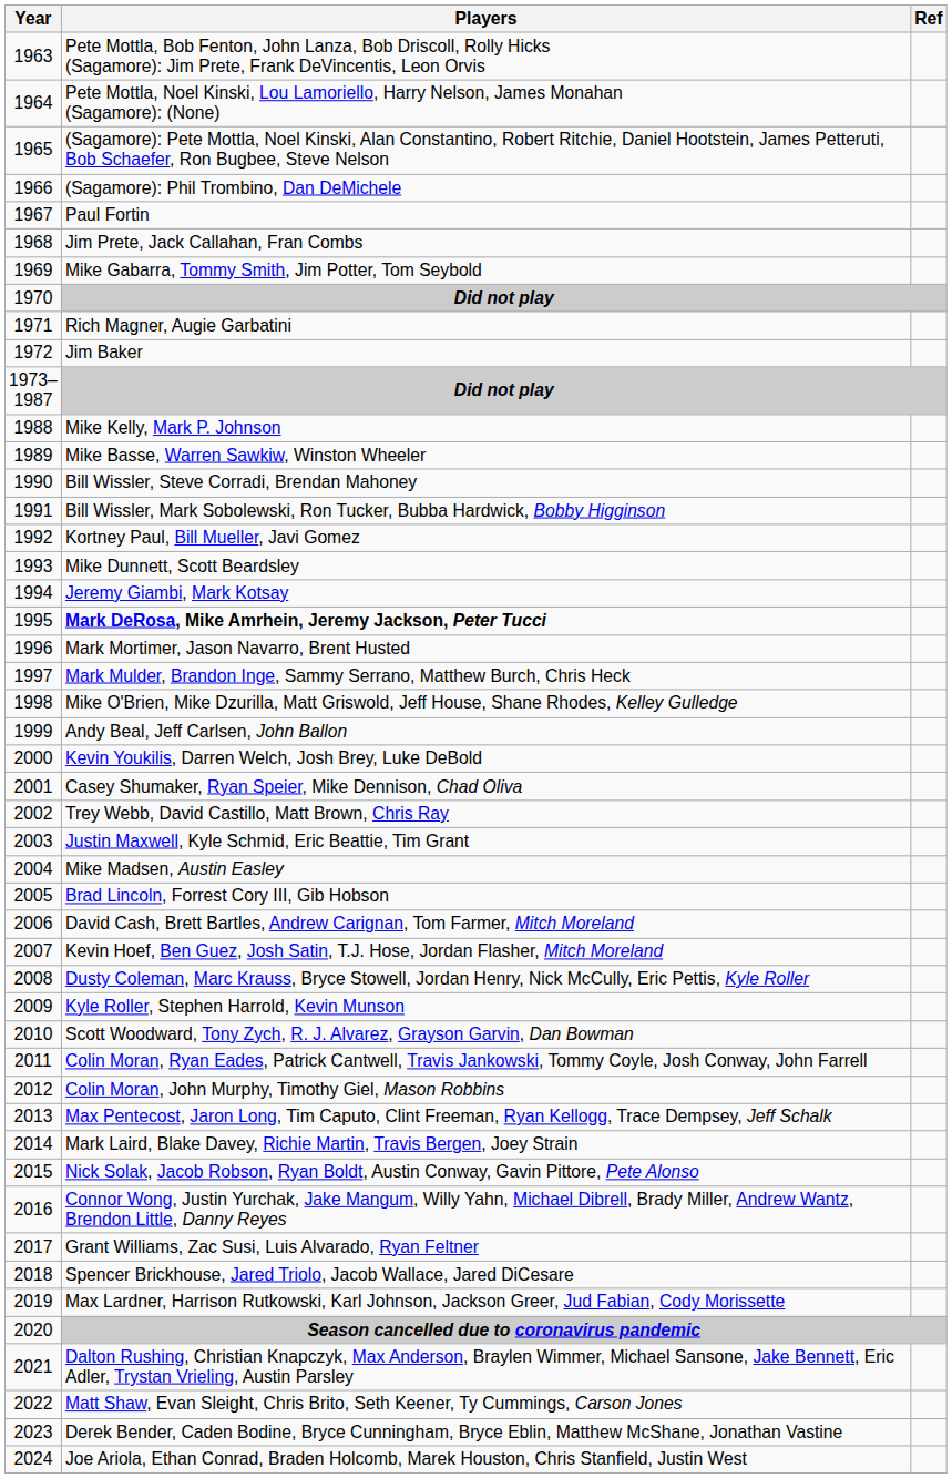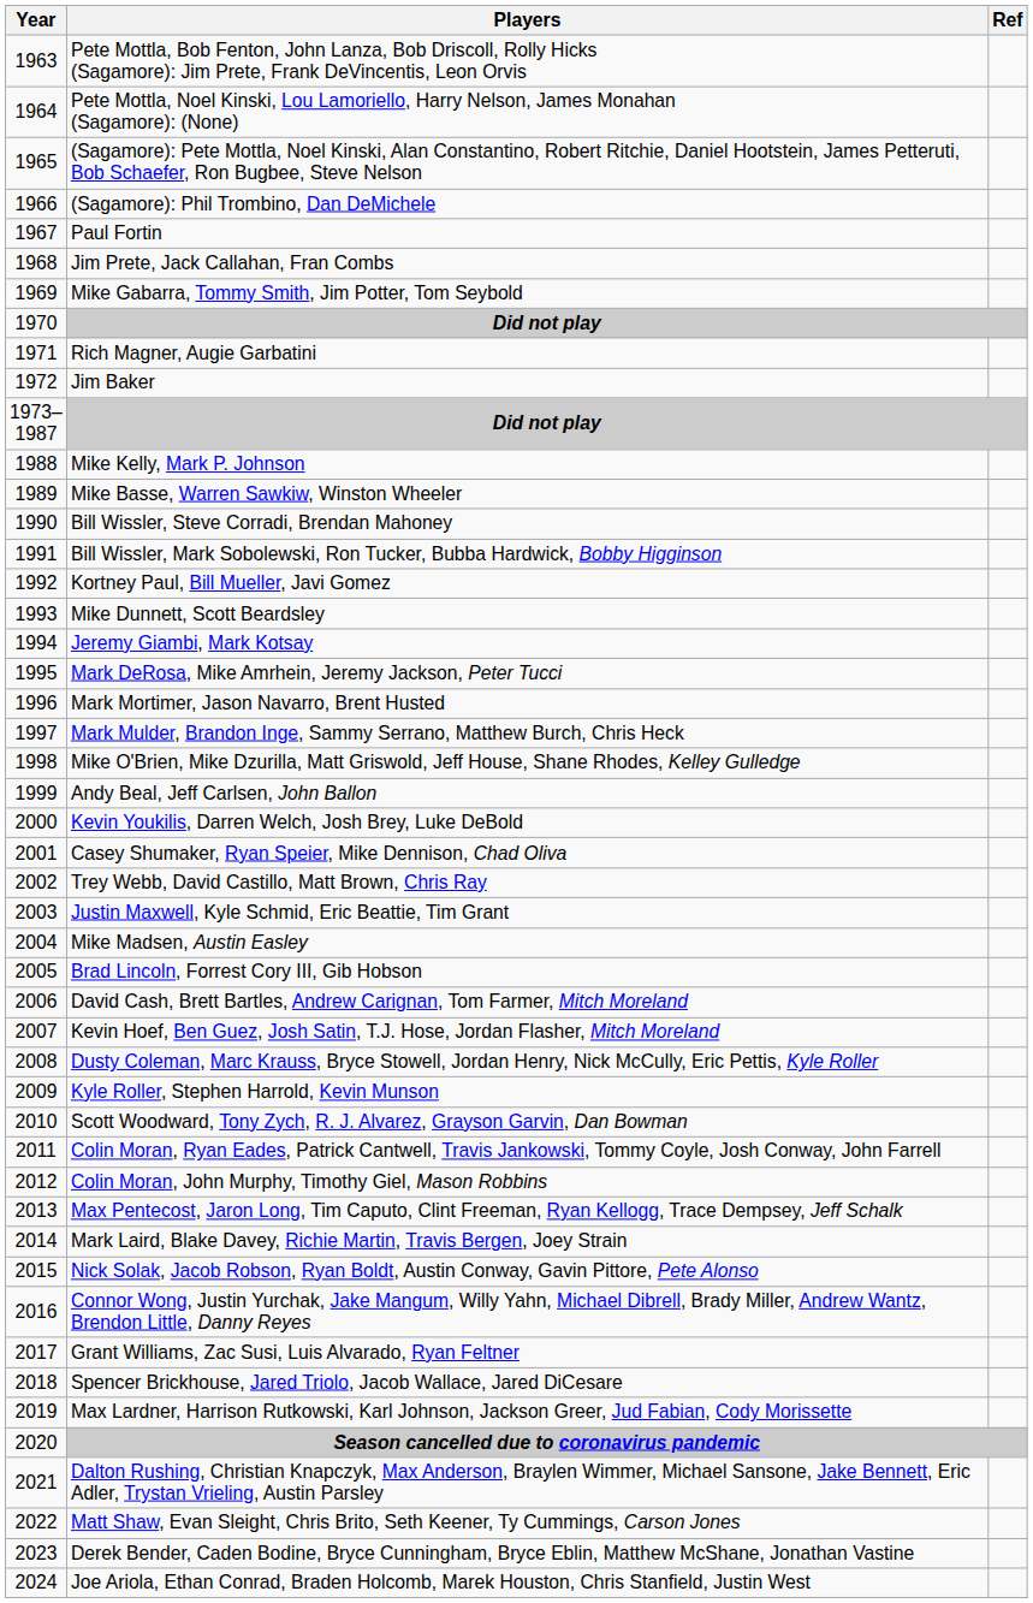 <table class="wikitable" style="text-align:center">
 <tr>
 <th scope="col">Year</th>
 <th scope="col">Players</th>
 <th scope="col">Ref</th>
 </tr>
 <tr>
 <td>1963</td>
 <td style="text-align:left">Pete Mottla, Bob Fenton, John Lanza, Bob Driscoll, Rolly Hicks<br>(Sagamore): Jim Prete, Frank DeVincentis, Leon Orvis</td>
 <td></td>
 </tr>
 <tr>
 <td>1964</td>
 <td style="text-align:left">Pete Mottla, Noel Kinski, <a href='#'>Lou Lamoriello</a>, Harry Nelson, James Monahan<br>(Sagamore): (None)</td>
 <td></td>
 </tr>
 <tr>
 <td>1965</td>
 <td style="text-align:left">(Sagamore): Pete Mottla, Noel Kinski, Alan Constantino, Robert Ritchie, Daniel Hootstein, James Petteruti, <a href='#'>Bob Schaefer</a>, Ron Bugbee, Steve Nelson</td>
 <td></td>
 </tr>
 <tr>
 <td>1966</td>
 <td style="text-align:left">(Sagamore): Phil Trombino, <a href='#'>Dan DeMichele</a></td>
 <td></td>
 </tr>
 <tr>
 <td>1967</td>
 <td style="text-align:left">Paul Fortin</td>
 <td></td>
 </tr>
 <tr>
 <td>1968</td>
 <td style="text-align:left">Jim Prete, Jack Callahan, Fran Combs</td>
 <td></td>
 </tr>
 <tr>
 <td>1969</td>
 <td style="text-align:left">Mike Gabarra, <a href='#'>Tommy Smith</a>, Jim Potter, Tom Seybold</td>
 <td></td>
 </tr>
 <tr>
 <td>1970</td>
 <td colspan="2" align="center" bgcolor=#cccccc><strong><em>Did not play</em></strong></td>
 </tr>
 <tr>
 <td>1971</td>
 <td style="text-align:left">Rich Magner, Augie Garbatini</td>
 <td></td>
 </tr>
 <tr>
 <td>1972</td>
 <td style="text-align:left">Jim Baker</td>
 <td></td>
 </tr>
 <tr>
 <td>1973–<br>1987</td>
 <td colspan="2" align="center" bgcolor=#cccccc><strong><em>Did not play</em></strong></td>
 </tr>
 <tr>
 <td>1988</td>
 <td style="text-align:left">Mike Kelly, <a href='#'>Mark P. Johnson</a></td>
 <td></td>
 </tr>
 <tr>
 <td>1989</td>
 <td style="text-align:left">Mike Basse, <a href='#'>Warren Sawkiw</a>, Winston Wheeler</td>
 <td></td>
 </tr>
 <tr>
 <td>1990</td>
 <td style="text-align:left">Bill Wissler, Steve Corradi, Brendan Mahoney</td>
 <td></td>
 </tr>
 <tr>
 <td>1991</td>
 <td style="text-align:left">Bill Wissler, Mark Sobolewski, Ron Tucker, Bubba Hardwick, <em><a href='#'>Bobby Higginson</a></em></td>
 <td></td>
 </tr>
 <tr>
 <td>1992</td>
 <td style="text-align:left">Kortney Paul, <a href='#'>Bill Mueller</a>, Javi Gomez</td>
 <td></td>
 </tr>
 <tr>
 <td>1993</td>
 <td style="text-align:left">Mike Dunnett, Scott Beardsley</td>
 <td></td>
 </tr>
 <tr>
 <td>1994</td>
 <td style="text-align:left"><a href='#'>Jeremy Giambi</a>, <a href='#'>Mark Kotsay</a></td>
 <td></td>
 </tr>
 <tr>
 <td>1995</td>
-<td style="text-align:left"><strong><a href='#'>Mark DeRosa</a>, Mike Amrhein, Jeremy Jackson, <em>Peter Tucci</em></strong></td>
+<td style="text-align:left"><a href='#'>Mark DeRosa</a>, Mike Amrhein, Jeremy Jackson, <em>Peter Tucci</em></td>
 <td></td>
 </tr>
 <tr>
 <td>1996</td>
 <td style="text-align:left">Mark Mortimer, Jason Navarro, Brent Husted</td>
 <td></td>
 </tr>
 <tr>
 <td>1997</td>
 <td style="text-align:left"><a href='#'>Mark Mulder</a>, <a href='#'>Brandon Inge</a>, Sammy Serrano, Matthew Burch, Chris Heck</td>
 <td></td>
 </tr>
 <tr>
 <td>1998</td>
 <td style="text-align:left">Mike O'Brien, Mike Dzurilla, Matt Griswold, Jeff House, Shane Rhodes, <em>Kelley Gulledge</em></td>
 <td></td>
 </tr>
 <tr>
 <td>1999</td>
 <td style="text-align:left">Andy Beal, Jeff Carlsen, <em>John Ballon</em></td>
 <td></td>
 </tr>
 <tr>
 <td>2000</td>
 <td style="text-align:left"><a href='#'>Kevin Youkilis</a>, Darren Welch, Josh Brey, Luke DeBold</td>
 <td></td>
 </tr>
 <tr>
 <td>2001</td>
 <td style="text-align:left">Casey Shumaker, <a href='#'>Ryan Speier</a>, Mike Dennison, <em>Chad Oliva</em></td>
 <td></td>
 </tr>
 <tr>
 <td>2002</td>
 <td style="text-align:left">Trey Webb, David Castillo, Matt Brown, <a href='#'>Chris Ray</a></td>
 <td></td>
 </tr>
 <tr>
 <td>2003</td>
 <td style="text-align:left"><a href='#'>Justin Maxwell</a>, Kyle Schmid, Eric Beattie, Tim Grant</td>
 <td></td>
 </tr>
 <tr>
 <td>2004</td>
 <td style="text-align:left">Mike Madsen, <em>Austin Easley</em></td>
 <td></td>
 </tr>
 <tr>
 <td>2005</td>
 <td style="text-align:left"><a href='#'>Brad Lincoln</a>, Forrest Cory III, Gib Hobson</td>
 <td></td>
 </tr>
 <tr>
 <td>2006</td>
 <td style="text-align:left">David Cash, Brett Bartles, <a href='#'>Andrew Carignan</a>, Tom Farmer, <em><a href='#'>Mitch Moreland</a></em></td>
 <td></td>
 </tr>
 <tr>
 <td>2007</td>
 <td style="text-align:left">Kevin Hoef, <a href='#'>Ben Guez</a>, <a href='#'>Josh Satin</a>, T.J. Hose, Jordan Flasher, <em><a href='#'>Mitch Moreland</a></em></td>
 <td></td>
 </tr>
 <tr>
 <td>2008</td>
 <td style="text-align:left"><a href='#'>Dusty Coleman</a>, <a href='#'>Marc Krauss</a>, Bryce Stowell, Jordan Henry, Nick McCully, Eric Pettis, <em><a href='#'>Kyle Roller</a></em></td>
 <td></td>
 </tr>
 <tr>
 <td>2009</td>
 <td style="text-align:left"><a href='#'>Kyle Roller</a>, Stephen Harrold, <a href='#'>Kevin Munson</a></td>
 <td></td>
 </tr>
 <tr>
 <td>2010</td>
 <td style="text-align:left">Scott Woodward, <a href='#'>Tony Zych</a>, <a href='#'>R. J. Alvarez</a>, <a href='#'>Grayson Garvin</a>, <em>Dan Bowman</em></td>
 <td></td>
 </tr>
 <tr>
 <td>2011</td>
 <td style="text-align:left"><a href='#'>Colin Moran</a>, <a href='#'>Ryan Eades</a>, Patrick Cantwell, <a href='#'>Travis Jankowski</a>, Tommy Coyle, Josh Conway, John Farrell</td>
 <td></td>
 </tr>
 <tr>
 <td>2012</td>
 <td style="text-align:left"><a href='#'>Colin Moran</a>, John Murphy, Timothy Giel, <em>Mason Robbins</em></td>
 <td></td>
 </tr>
 <tr>
 <td>2013</td>
 <td style="text-align:left"><a href='#'>Max Pentecost</a>, <a href='#'>Jaron Long</a>, Tim Caputo, Clint Freeman, <a href='#'>Ryan Kellogg</a>, Trace Dempsey, <em>Jeff Schalk</em></td>
 <td></td>
 </tr>
 <tr>
 <td>2014</td>
 <td style="text-align:left">Mark Laird, Blake Davey, <a href='#'>Richie Martin</a>, <a href='#'>Travis Bergen</a>, Joey Strain</td>
 <td></td>
 </tr>
 <tr>
 <td>2015</td>
 <td style="text-align:left"><a href='#'>Nick Solak</a>, <a href='#'>Jacob Robson</a>, <a href='#'>Ryan Boldt</a>, Austin Conway, Gavin Pittore, <em><a href='#'>Pete Alonso</a></em></td>
 <td></td>
 </tr>
 <tr>
 <td>2016</td>
 <td style="text-align:left"><a href='#'>Connor Wong</a>, Justin Yurchak, <a href='#'>Jake Mangum</a>, Willy Yahn, <a href='#'>Michael Dibrell</a>, Brady Miller, <a href='#'>Andrew Wantz</a>, <a href='#'>Brendon Little</a>, <em>Danny Reyes</em></td>
 <td></td>
 </tr>
 <tr>
 <td>2017</td>
 <td style="text-align:left">Grant Williams, Zac Susi, Luis Alvarado, <a href='#'>Ryan Feltner</a></td>
 <td></td>
 </tr>
 <tr>
 <td>2018</td>
 <td style="text-align:left">Spencer Brickhouse, <a href='#'>Jared Triolo</a>, Jacob Wallace, Jared DiCesare</td>
 <td></td>
 </tr>
 <tr>
 <td>2019</td>
 <td style="text-align:left">Max Lardner, Harrison Rutkowski, Karl Johnson, Jackson Greer, <a href='#'>Jud Fabian</a>, <a href='#'>Cody Morissette</a></td>
 <td></td>
 </tr>
 <tr>
 <td>2020</td>
 <td colspan="2" align="center" bgcolor=#cccccc><strong><em>Season cancelled due to <a href='#'>coronavirus pandemic</a></em></strong></td>
 </tr>
 <tr>
 <td>2021</td>
 <td style="text-align:left"><a href='#'>Dalton Rushing</a>, Christian Knapczyk, <a href='#'>Max Anderson</a>, Braylen Wimmer, Michael Sansone, <a href='#'>Jake Bennett</a>, Eric Adler, <a href='#'>Trystan Vrieling</a>, Austin Parsley</td>
 <td></td>
 </tr>
 <tr>
 <td>2022</td>
 <td style="text-align:left"><a href='#'>Matt Shaw</a>, Evan Sleight, Chris Brito, Seth Keener, Ty Cummings, <em>Carson Jones</em></td>
 <td></td>
 </tr>
 <tr>
 <td>2023</td>
 <td style="text-align:left">Derek Bender, Caden Bodine, Bryce Cunningham, Bryce Eblin, Matthew McShane, Jonathan Vastine</td>
 <td></td>
 </tr>
 <tr>
 <td>2024</td>
 <td style="text-align:left">Joe Ariola, Ethan Conrad, Braden Holcomb, Marek Houston, Chris Stanfield, Justin West</td>
 <td></td>
 </tr>
 <tr>
 </tr>
 </table>
